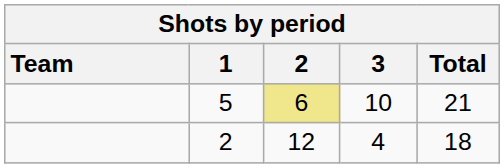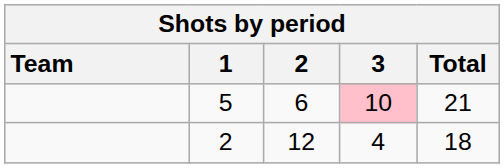 <table class="wikitable" style="width:20em; text-align:right;">
 <tr>
 <th colspan=6>Shots by period</th>
 </tr>
 <tr>
 <th style="width:8em; text-align:left;">Team</th>
 <th style="width:3em;">1</th>
 <th style="width:3em;">2</th>
 <th style="width:3em;">3</th>
 <th style="width:3em;">Total</th>
 </tr>
 <tr>
 <td style="text-align:left;"></td>
 <td align=center>5</td>
-<td align=center style="background: khaki;">6</td>
-<td align=center>10</td>
+<td align=center>6</td>
+<td align=center style="background: pink;">10</td>
 <td align=center>21</td>
 </tr>
 <tr>
 <td style="text-align:left;"></td>
 <td align=center>2</td>
 <td align=center>12</td>
 <td align=center>4</td>
 <td align=center>18</td>
 </tr>
 </table>
